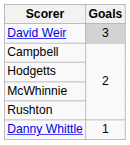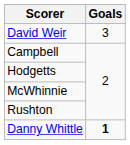 <table class="wikitable">
 <tr>
 <th>Scorer</th>
 <th>Goals</th>
 </tr>
 <tr>
 <td> <a href='#'>David Weir</a></td>
-<td align=center style="background: lightgrey;">3</td>
+<td align=center>3</td>
 </tr>
 <tr>
 <td>Campbell</td>
 <td rowspan="4" align=center>2</td>
 </tr>
 <tr>
 <td>Hodgetts</td>
 </tr>
 <tr>
 <td>McWhinnie</td>
 </tr>
 <tr>
 <td>Rushton</td>
 </tr>
 <tr>
 <td><a href='#'>Danny Whittle</a></td>
-<td align=center>1</td>
+<td align=center><strong>1</strong></td>
 </tr>
 </table>
